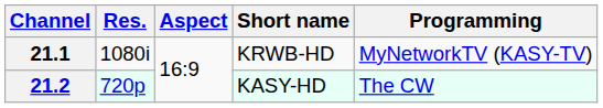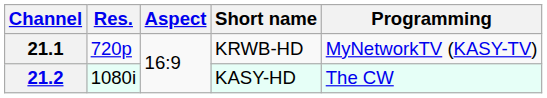 <table class="wikitable">
 <tr>
 <th scope = "col"><a href='#'>Channel</a></th>
 <th scope = "col"><a href='#'>Res.</a></th>
 <th scope = "col"><a href='#'>Aspect</a></th>
 <th scope = "col">Short name</th>
 <th scope = "col">Programming</th>
 </tr>
 <tr>
 <th scope = "row">21.1</th>
-<td>1080i</td>
+<td><a href='#'>720p</a></td>
 <td rowspan=2>16:9</td>
 <td>KRWB-HD</td>
 <td><a href='#'>MyNetworkTV</a> (<a href='#'>KASY-TV</a>)</td>
 </tr>
 <tr style="background-color: #E6FFF7;">
 <th scope = "row"><a href='#'>21.2</a></th>
-<td><a href='#'>720p</a></td>
+<td>1080i</td>
 <td>KASY-HD</td>
 <td><a href='#'>The CW</a></td>
 </tr>
 </table>
